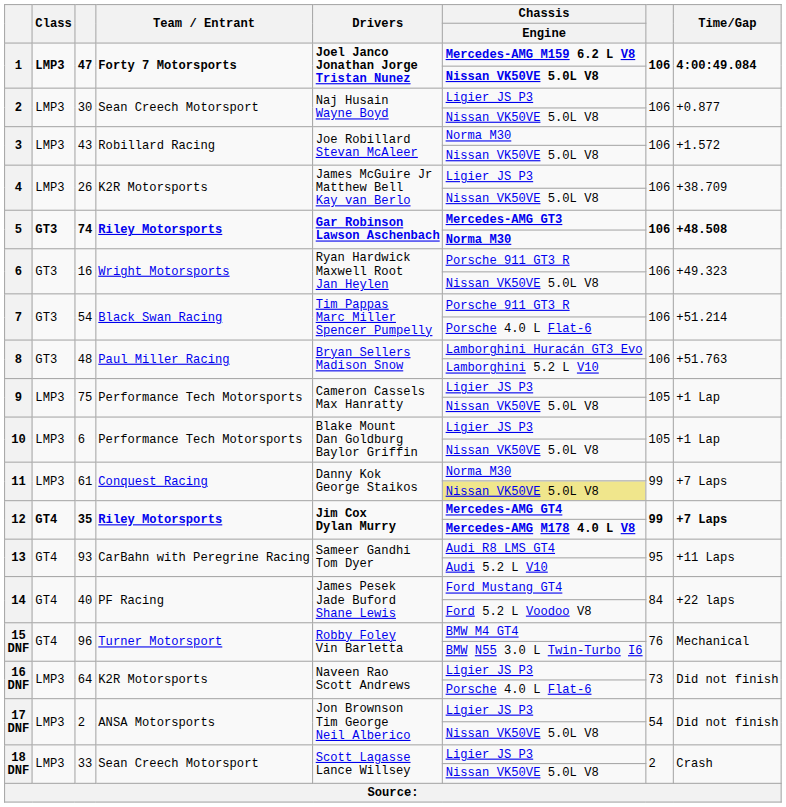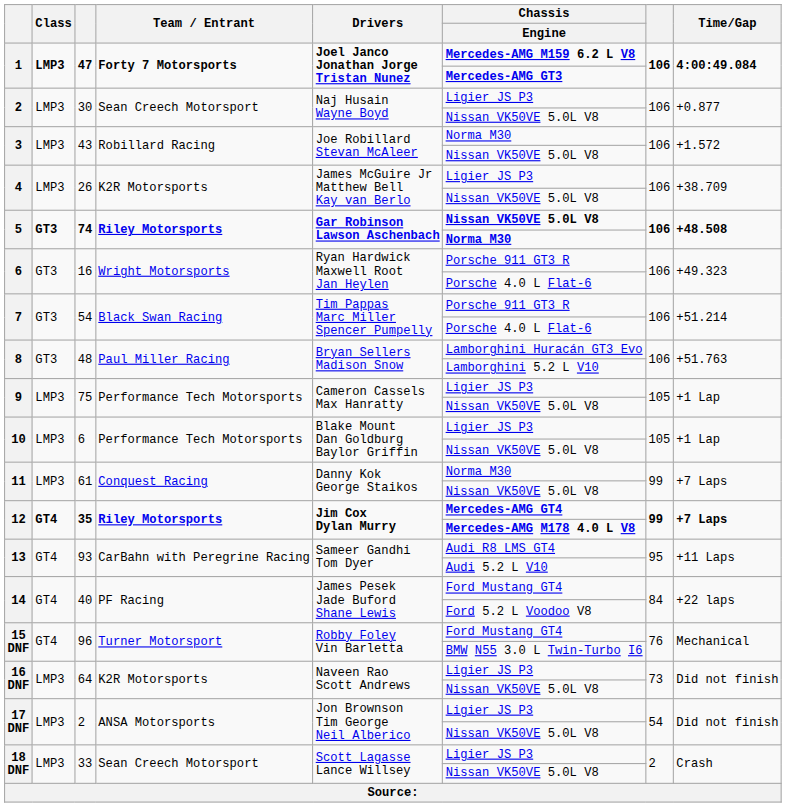 <table class="wikitable" style="font-size: 85%;">
 <tr>
 <th rowspan="2"></th>
 <th rowspan="2">Class</th>
 <th rowspan="2" class="unsortable"></th>
 <th rowspan="2" class="unsortable">Team / Entrant</th>
 <th rowspan="2" class="unsortable">Drivers</th>
 <th scope="col" class="unsortable">Chassis</th>
 <th rowspan="2" class="unsortable"></th>
 <th rowspan="2" class="unsortable">Time/Gap</th>
 </tr>
 <tr>
 <th>Engine</th>
 </tr>
 <tr>
 <th rowspan="2">1</th>
 <td rowspan="2"><strong>LMP3</strong></td>
 <td rowspan="2"><strong>47</strong></td>
 <td rowspan="2"><strong> Forty 7 Motorsports</strong></td>
 <td rowspan="2"><strong> Joel Janco</strong><br><strong> Jonathan Jorge</strong><br><strong> <a href='#'>Tristan Nunez</a></strong></td>
 <td><strong><a href='#'>Mercedes-AMG M159</a> 6.2 L <a href='#'>V8</a></strong></td>
 <td rowspan="2"><strong>106</strong></td>
 <td rowspan="2"><strong>4:00:49.084</strong></td>
 </tr>
 <tr>
-<td><strong><a href='#'>Nissan VK50VE</a> 5.0L V8</strong></td>
+<td><a href='#'><strong>Mercedes-AMG GT3</strong></a></td>
 </tr>
 <tr>
 <th rowspan=2>2</th>
 <td rowspan=2>LMP3</td>
 <td rowspan=2>30</td>
 <td rowspan=2> Sean Creech Motorsport</td>
 <td rowspan=2> Naj Husain<br> <a href='#'>Wayne Boyd</a></td>
 <td><a href='#'>Ligier JS P3</a></td>
 <td rowspan=2>106</td>
 <td rowspan=2>+0.877</td>
 </tr>
 <tr>
 <td><a href='#'>Nissan VK50VE</a> 5.0L V8</td>
 </tr>
 <tr>
 <th rowspan=2>3</th>
 <td rowspan=2>LMP3</td>
 <td rowspan=2>43</td>
 <td rowspan=2> Robillard Racing</td>
 <td rowspan=2> Joe Robillard<br> <a href='#'>Stevan McAleer</a></td>
 <td><a href='#'>Norma M30</a></td>
 <td rowspan=2>106</td>
 <td rowspan=2>+1.572</td>
 </tr>
 <tr>
 <td><a href='#'>Nissan VK50VE</a> 5.0L V8</td>
 </tr>
 <tr>
 <th rowspan=2>4</th>
 <td rowspan=2>LMP3</td>
 <td rowspan=2>26</td>
 <td rowspan=2> K2R Motorsports</td>
 <td rowspan=2> James McGuire Jr<br> Matthew Bell<br> <a href='#'>Kay van Berlo</a></td>
 <td><a href='#'>Ligier JS P3</a></td>
 <td rowspan=2>106</td>
 <td rowspan=2>+38.709</td>
 </tr>
 <tr>
 <td><a href='#'>Nissan VK50VE</a> 5.0L V8</td>
 </tr>
 <tr>
 <th rowspan=2>5</th>
 <td rowspan=2><strong>GT3</strong></td>
 <td rowspan=2><strong>74</strong></td>
 <td rowspan=2><strong> <a href='#'>Riley Motorsports</a></strong></td>
 <td rowspan=2><strong> <a href='#'>Gar Robinson</a></strong><br><strong> <a href='#'>Lawson Aschenbach</a></strong></td>
-<td><a href='#'><strong>Mercedes-AMG GT3</strong></a></td>
+<td><strong><a href='#'>Nissan VK50VE</a> 5.0L V8</strong></td>
 <td rowspan=2><strong>106</strong></td>
 <td rowspan=2><strong>+48.508</strong></td>
 </tr>
 <tr>
 <td><strong><a href='#'>Norma M30</a></strong></td>
 </tr>
 <tr>
 <th rowspan=2>6</th>
 <td rowspan=2>GT3</td>
 <td rowspan=2>16</td>
 <td rowspan=2> <a href='#'>Wright Motorsports</a></td>
 <td rowspan=2> Ryan Hardwick<br> Maxwell Root<br> <a href='#'>Jan Heylen</a></td>
 <td><a href='#'>Porsche 911 GT3 R</a></td>
 <td rowspan=2>106</td>
 <td rowspan=2>+49.323</td>
 </tr>
 <tr>
-<td><a href='#'>Nissan VK50VE</a> 5.0L V8</td>
+<td><a href='#'>Porsche</a> 4.0 L <a href='#'>Flat-6</a></td>
 </tr>
 <tr>
 <th rowspan="2">7</th>
 <td rowspan="2">GT3</td>
 <td rowspan="2">54</td>
 <td rowspan="2"> <a href='#'>Black Swan Racing</a></td>
 <td rowspan="2"> <a href='#'>Tim Pappas</a><br> <a href='#'>Marc Miller</a><br> <a href='#'>Spencer Pumpelly</a></td>
 <td><a href='#'>Porsche 911 GT3 R</a></td>
 <td rowspan="2">106</td>
 <td rowspan="2">+51.214</td>
 </tr>
 <tr>
 <td><a href='#'>Porsche</a> 4.0 L <a href='#'>Flat-6</a></td>
 </tr>
 <tr>
 <th rowspan="2">8</th>
 <td rowspan="2">GT3</td>
 <td rowspan="2">48</td>
 <td rowspan="2"> <a href='#'>Paul Miller Racing</a></td>
 <td rowspan="2"> <a href='#'>Bryan Sellers</a><br> <a href='#'>Madison Snow</a></td>
 <td><a href='#'>Lamborghini Huracán GT3 Evo</a></td>
 <td rowspan="2">106</td>
 <td rowspan="2">+51.763</td>
 </tr>
 <tr>
 <td><a href='#'>Lamborghini</a> 5.2 L <a href='#'>V10</a></td>
 </tr>
 <tr>
 <th rowspan="2">9</th>
 <td rowspan="2">LMP3</td>
 <td rowspan="2">75</td>
 <td rowspan="2"> Performance Tech Motorsports</td>
 <td rowspan="2"> Cameron Cassels<br> Max Hanratty</td>
 <td><a href='#'>Ligier JS P3</a></td>
 <td rowspan="2">105</td>
 <td rowspan="2">+1 Lap</td>
 </tr>
 <tr>
 <td><a href='#'>Nissan VK50VE</a> 5.0L V8</td>
 </tr>
 <tr>
 <th rowspan="2">10</th>
 <td rowspan="2">LMP3</td>
 <td rowspan="2">6</td>
 <td rowspan="2"> Performance Tech Motorsports</td>
 <td rowspan="2"> Blake Mount<br> Dan Goldburg<br> Baylor Griffin</td>
 <td><a href='#'>Ligier JS P3</a></td>
 <td rowspan="2">105</td>
 <td rowspan="2">+1 Lap</td>
 </tr>
 <tr>
 <td><a href='#'>Nissan VK50VE</a> 5.0L V8</td>
 </tr>
 <tr>
 <th rowspan="2">11</th>
 <td rowspan="2">LMP3</td>
 <td rowspan="2">61</td>
 <td rowspan="2"> <a href='#'>Conquest Racing</a></td>
 <td rowspan="2"> Danny Kok<br> George Staikos</td>
 <td><a href='#'>Norma M30</a></td>
 <td rowspan="2">99</td>
 <td rowspan="2">+7 Laps</td>
 </tr>
 <tr>
-<td style="background: khaki;"><a href='#'>Nissan VK50VE</a> 5.0L V8</td>
+<td><a href='#'>Nissan VK50VE</a> 5.0L V8</td>
 </tr>
 <tr>
 <th rowspan=2>12</th>
 <td rowspan=2><strong>GT4</strong></td>
 <td rowspan=2><strong>35</strong></td>
 <td rowspan=2><strong> <a href='#'>Riley Motorsports</a></strong></td>
 <td rowspan=2><strong> Jim Cox<br> Dylan Murry</strong></td>
 <td><a href='#'><strong>Mercedes-AMG GT4</strong></a></td>
 <td rowspan=2><strong>99</strong></td>
 <td rowspan=2><strong>+7 Laps</strong></td>
 </tr>
 <tr>
 <td><strong><a href='#'>Mercedes-AMG</a> <a href='#'>M178</a> 4.0 L <a href='#'>V8</a></strong></td>
 </tr>
 <tr>
 <th rowspan=2>13</th>
 <td rowspan=2>GT4</td>
 <td rowspan=2>93</td>
 <td rowspan=2> CarBahn with Peregrine Racing</td>
 <td rowspan=2> Sameer Gandhi<br> Tom Dyer</td>
 <td><a href='#'>Audi R8 LMS GT4</a></td>
 <td rowspan=2>95</td>
 <td rowspan=2>+11 Laps</td>
 </tr>
 <tr>
 <td><a href='#'>Audi</a> 5.2 L <a href='#'>V10</a></td>
 </tr>
 <tr>
 <th rowspan=2>14</th>
 <td rowspan=2>GT4</td>
 <td rowspan=2>40</td>
 <td rowspan=2> PF Racing</td>
 <td rowspan=2> James Pesek<br> Jade Buford<br> <a href='#'>Shane Lewis</a></td>
 <td><a href='#'>Ford Mustang GT4</a></td>
 <td rowspan=2>84</td>
 <td rowspan=2>+22 laps</td>
 </tr>
 <tr>
 <td><a href='#'>Ford</a> 5.2 L <a href='#'>Voodoo</a> V8</td>
 </tr>
 <tr>
 <th rowspan=2>15<br>DNF</th>
 <td rowspan=2>GT4</td>
 <td rowspan=2>96</td>
 <td rowspan=2> <a href='#'>Turner Motorsport</a></td>
 <td rowspan=2> <a href='#'>Robby Foley</a><br> Vin Barletta</td>
-<td><a href='#'>BMW M4 GT4</a></td>
+<td><a href='#'>Ford Mustang GT4</a></td>
 <td rowspan=2>76</td>
 <td rowspan=2>Mechanical</td>
 </tr>
 <tr>
 <td><a href='#'>BMW</a> <a href='#'>N55</a> 3.0 L <a href='#'>Twin-Turbo</a> <a href='#'>I6</a></td>
 </tr>
 <tr>
 <th rowspan=2>16<br>DNF</th>
 <td rowspan=2>LMP3</td>
 <td rowspan=2>64</td>
 <td rowspan=2> K2R Motorsports</td>
 <td rowspan=2> Naveen Rao<br> Scott Andrews</td>
 <td><a href='#'>Ligier JS P3</a></td>
 <td rowspan=2>73</td>
 <td rowspan=2>Did not finish</td>
 </tr>
 <tr>
-<td><a href='#'>Porsche</a> 4.0 L <a href='#'>Flat-6</a></td>
+<td><a href='#'>Nissan VK50VE</a> 5.0L V8</td>
 </tr>
 <tr>
 <th rowspan=2>17<br>DNF</th>
 <td rowspan=2>LMP3</td>
 <td rowspan=2>2</td>
 <td rowspan=2> ANSA Motorsports</td>
 <td rowspan=2> Jon Brownson<br> Tim George<br> <a href='#'>Neil Alberico</a></td>
 <td><a href='#'>Ligier JS P3</a></td>
 <td rowspan=2>54</td>
 <td rowspan=2>Did not finish</td>
 </tr>
 <tr>
 <td><a href='#'>Nissan VK50VE</a> 5.0L V8</td>
 </tr>
 <tr>
 <th rowspan=2>18<br>DNF</th>
 <td rowspan=2>LMP3</td>
 <td rowspan=2>33</td>
 <td rowspan=2> Sean Creech Motorsport</td>
 <td rowspan=2> <a href='#'>Scott Lagasse</a><br> Lance Willsey</td>
 <td><a href='#'>Ligier JS P3</a></td>
 <td rowspan=2>2</td>
 <td rowspan=2>Crash</td>
 </tr>
 <tr>
 <td><a href='#'>Nissan VK50VE</a> 5.0L V8</td>
 </tr>
 <tr>
 <th colspan=8>Source:</th>
 </tr>
 </table>
